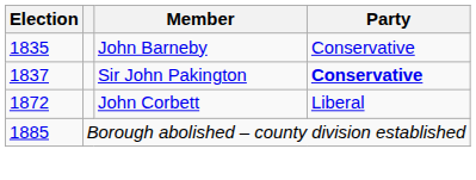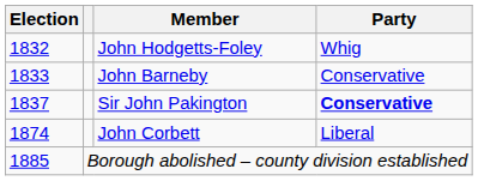 <table class="wikitable">
 <tr>
 <th>Election</th>
 <th></th>
 <th>Member</th>
 <th>Party</th>
 </tr>
 <tr>
-<td><a href='#'>1835</a></td>
+<td><a href='#'>1832</a></td>
+<td style="color:inherit;background-color: "></td>
+<td><a href='#'>John Hodgetts-Foley</a></td>
+<td><a href='#'>Whig</a></td>
+</tr>
+<tr>
+<td><a href='#'>1833</a></td>
 <td style="color:inherit;background-color: "></td>
 <td><a href='#'>John Barneby</a></td>
 <td><a href='#'>Conservative</a></td>
 </tr>
 <tr>
 <td><a href='#'>1837</a></td>
 <td style="color:inherit;background-color: "></td>
 <td><a href='#'>Sir John Pakington</a></td>
 <td><strong><a href='#'>Conservative</a></strong></td>
 </tr>
 <tr>
-<td><a href='#'>1872</a></td>
+<td><a href='#'>1874</a></td>
 <td style="color:inherit;background-color: "></td>
 <td><a href='#'>John Corbett</a></td>
 <td><a href='#'>Liberal</a></td>
 </tr>
 <tr>
 <td><a href='#'>1885</a></td>
 <td colspan="3"><em>Borough abolished – county division established</em></td>
 </tr>
 </table>
